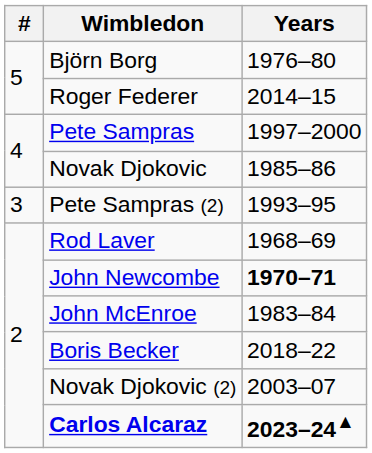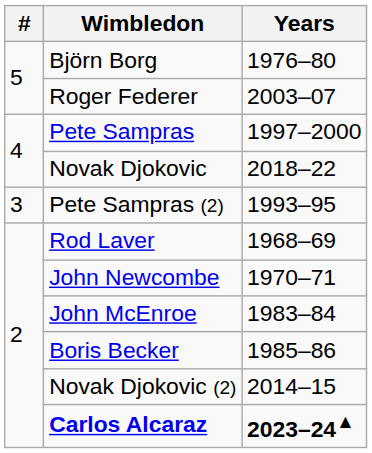 <table class="wikitable" style="display:inline-table;">
 <tr>
 <th width=20>#</th>
 <th>Wimbledon</th>
 <th>Years</th>
 </tr>
 <tr>
 <td rowspan="2">5</td>
 <td> Björn Borg</td>
 <td>1976–80</td>
 </tr>
 <tr>
 <td> Roger Federer</td>
-<td>2014–15</td>
+<td>2003–07</td>
 </tr>
 <tr>
 <td rowspan=2>4</td>
 <td> <a href='#'>Pete Sampras</a></td>
 <td>1997–2000</td>
 </tr>
 <tr>
 <td> Novak Djokovic</td>
-<td>1985–86</td>
+<td>2018–22</td>
 </tr>
 <tr>
 <td>3</td>
 <td> Pete Sampras <small>(2)</small></td>
 <td>1993–95</td>
 </tr>
 <tr>
 <td rowspan="6">2</td>
 <td> <a href='#'>Rod Laver</a></td>
 <td>1968–69</td>
 </tr>
 <tr>
 <td> <a href='#'>John Newcombe</a></td>
-<td><strong>1970–71</strong></td>
+<td>1970–71</td>
 </tr>
 <tr>
 <td> <a href='#'>John McEnroe</a></td>
 <td>1983–84</td>
 </tr>
 <tr>
 <td> <a href='#'>Boris Becker</a></td>
-<td>2018–22</td>
+<td>1985–86</td>
 </tr>
 <tr>
 <td> Novak Djokovic <small>(2)</small></td>
-<td>2003–07</td>
+<td>2014–15</td>
 </tr>
 <tr>
 <td> <strong><a href='#'>Carlos Alcaraz</a></strong></td>
 <td><strong>2023–24<sup>▲</sup></strong></td>
 </tr>
 </table>
